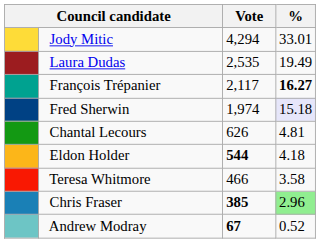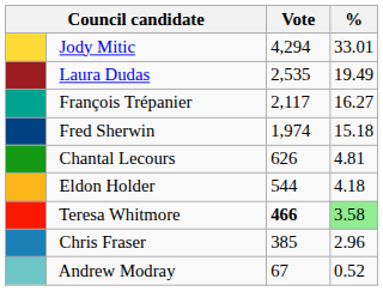 <table class="wikitable">
 <tr>
 <th width="230px" colspan="2">Council candidate</th>
 <th width="50px">Vote</th>
 <th width="30px">%</th>
 </tr>
 <tr>
 <td bgcolor=#FEDC38 width="30px"> </td>
 <td>  <a href='#'>Jody Mitic</a></td>
 <td>4,294</td>
 <td>33.01</td>
 </tr>
 <tr>
 <td bgcolor=#9C1C1F width="30px"> </td>
 <td>  <a href='#'>Laura Dudas</a></td>
 <td>2,535</td>
 <td>19.49</td>
 </tr>
 <tr>
 <td bgcolor=#00A290 width="30px"> </td>
 <td>  François Trépanier</td>
 <td>2,117</td>
-<td><strong>16.27</strong></td>
+<td>16.27</td>
 </tr>
 <tr>
 <td bgcolor=#004184 width="30px"> </td>
 <td>  Fred Sherwin</td>
 <td>1,974</td>
-<td style="background: lavender;">15.18</td>
+<td>15.18</td>
 </tr>
 <tr>
 <td bgcolor=#139913 width="30px"> </td>
 <td>  Chantal Lecours</td>
 <td>626</td>
 <td>4.81</td>
 </tr>
 <tr>
 <td bgcolor=#FCB619 width="30px"> </td>
 <td>  Eldon Holder</td>
-<td><strong>544</strong></td>
+<td>544</td>
 <td>4.18</td>
 </tr>
 <tr>
 <td bgcolor=#F91802 width="30px"> </td>
 <td>  Teresa Whitmore</td>
-<td>466</td>
-<td>3.58</td>
+<td><strong>466</strong></td>
+<td style="background: lightgreen;">3.58</td>
 </tr>
 <tr>
 <td bgcolor=#1A80B6 width="30px"> </td>
 <td>  Chris Fraser</td>
-<td><strong>385</strong></td>
-<td style="background: lightgreen;">2.96</td>
+<td>385</td>
+<td>2.96</td>
 </tr>
 <tr>
 <td bgcolor=#6DC5C5 width="30px"> </td>
 <td>  Andrew Modray</td>
-<td><strong>67</strong></td>
+<td>67</td>
 <td>0.52</td>
 </tr>
 </table>
